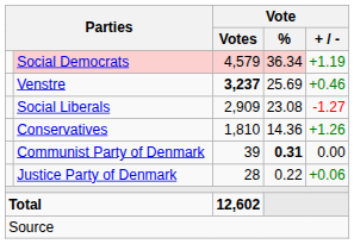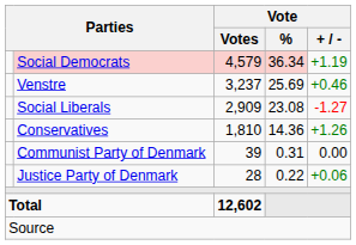 <table class="wikitable" style="text-align:right;">
 <tr>
 <th style="text-align:centre;" rowspan="2" colspan="2" width="225">Parties</th>
 <th colspan="3">Vote</th>
 </tr>
 <tr>
 <th width="15">Votes</th>
 <th width="15">%</th>
 <th width="15">+ / -</th>
 </tr>
 <tr>
 <td width="2" style="color:inherit;background:"></td>
 <td bgcolor=#fbd0ce  align="left"><a href='#'>Social Democrats</a></td>
 <td bgcolor=#fbd0ce>4,579</td>
 <td bgcolor=#fbd0ce>36.34</td>
 <td style=color:green;>+1.19</td>
 </tr>
 <tr>
 <td width="2" style="color:inherit;background:"></td>
 <td align="left"><a href='#'>Venstre</a></td>
-<td><strong>3,237</strong></td>
+<td>3,237</td>
 <td>25.69</td>
 <td style=color:green;>+0.46</td>
 </tr>
 <tr>
 <td width="2" style="color:inherit;background:"></td>
 <td align="left"><a href='#'>Social Liberals</a></td>
 <td>2,909</td>
 <td>23.08</td>
 <td style=color:red;>-1.27</td>
 </tr>
 <tr>
 <td width="2" style="color:inherit;background:"></td>
 <td align="left"><a href='#'>Conservatives</a></td>
 <td>1,810</td>
 <td>14.36</td>
 <td style=color:green;>+1.26</td>
 </tr>
 <tr>
 <td width="2" style="color:inherit;background:"></td>
 <td align="left"><a href='#'>Communist Party of Denmark</a></td>
 <td>39</td>
-<td><strong>0.31</strong></td>
+<td>0.31</td>
 <td>0.00</td>
 </tr>
 <tr>
 <td width="2" style="color:inherit;background:"></td>
 <td align="left"><a href='#'>Justice Party of Denmark</a></td>
 <td>28</td>
 <td>0.22</td>
 <td style=color:green;>+0.06</td>
 </tr>
 <tr>
 <td colspan="7" bgcolor="#E9E9E9"></td>
 </tr>
 <tr>
 <td align="left" colspan="2"><strong>Total</strong></td>
 <td><strong>12,602</strong></td>
 <td bgcolor="#E9E9E9" colspan="2"></td>
 </tr>
 <tr>
 <td align="left" colspan="6">Source</td>
 </tr>
 </table>
